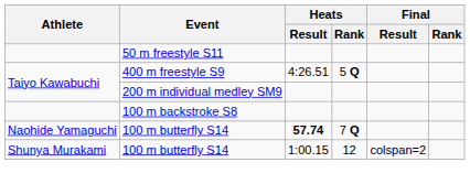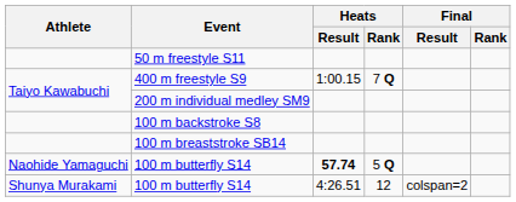 <table class=wikitable style="font-size:90%">
 <tr>
 <th rowspan="2">Athlete</th>
 <th rowspan="2">Event</th>
 <th colspan="2">Heats</th>
 <th colspan="2">Final</th>
 </tr>
 <tr>
 <th>Result</th>
 <th>Rank</th>
 <th>Result</th>
 <th>Rank</th>
 </tr>
 <tr align=center>
 <td align=left> </td>
 <td align=left><a href='#'>50 m freestyle S11</a></td>
 <td></td>
 <td></td>
 <td></td>
 <td></td>
 </tr>
 <tr align=center>
 <td align=left rowspan=2><a href='#'>Taiyo Kawabuchi</a></td>
 <td align=left><a href='#'>400 m freestyle S9</a></td>
-<td>4:26.51</td>
-<td>5 <strong>Q</strong></td>
+<td>1:00.15</td>
+<td>7 <strong>Q</strong></td>
 <td></td>
 <td></td>
 </tr>
 <tr align=center>
 <td align=left><a href='#'>200 m individual medley SM9</a></td>
 <td></td>
 <td></td>
 <td></td>
 <td></td>
 </tr>
 <tr align=center>
 <td align=left> </td>
 <td align=left><a href='#'>100 m backstroke S8</a></td>
 <td></td>
 <td></td>
 <td></td>
 <td></td>
 </tr>
 <tr align=center>
+<td align=left> </td>
+<td align=left><a href='#'>100 m breaststroke SB14</a></td>
+<td></td>
+<td></td>
+<td></td>
+<td></td>
+</tr>
+<tr align=center>
 <td align=left><a href='#'>Naohide Yamaguchi</a></td>
 <td align=left><a href='#'>100 m butterfly S14</a></td>
 <td><strong>57.74</strong></td>
-<td>7 <strong>Q</strong></td>
+<td>5 <strong>Q</strong></td>
 <td></td>
 <td></td>
 </tr>
 <tr align=center>
 <td align=left><a href='#'>Shunya Murakami</a></td>
 <td align=left><a href='#'>100 m butterfly S14</a></td>
-<td>1:00.15</td>
+<td>4:26.51</td>
 <td>12</td>
 <td>colspan=2 </td>
 </tr>
 </table>
